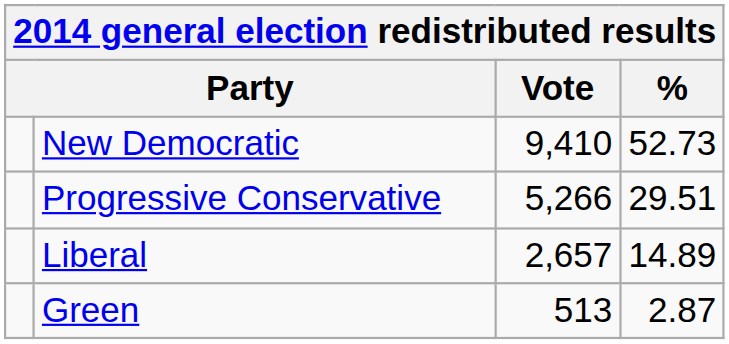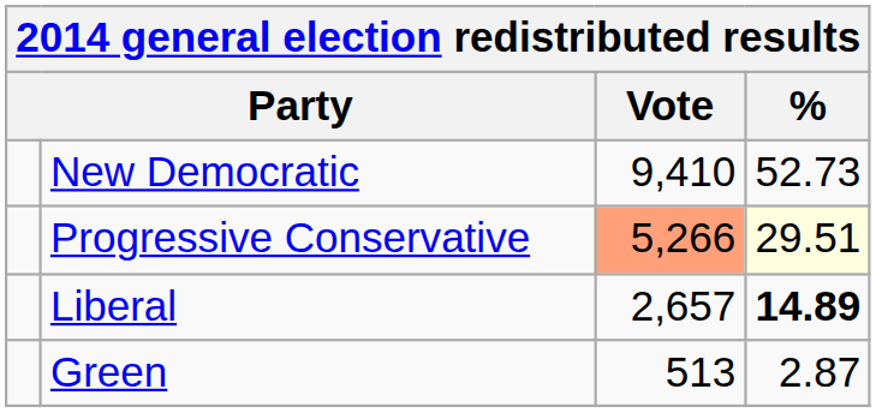 <table class="wikitable">
 <tr>
 <th colspan="4"><a href='#'>2014 general election</a> redistributed results</th>
 </tr>
 <tr>
 <th bgcolor="#DDDDFF" width="130px" colspan="2">Party</th>
 <th bgcolor="#DDDDFF" width="50px">Vote</th>
 <th bgcolor="#DDDDFF" width="30px">%</th>
 </tr>
 <tr>
 <td> </td>
 <td><a href='#'>New Democratic</a></td>
 <td align=right>9,410</td>
 <td align=right>52.73</td>
 </tr>
 <tr>
 <td> </td>
 <td><a href='#'>Progressive Conservative</a></td>
-<td align=right>5,266</td>
-<td align=right>29.51</td>
+<td align=right style="background: lightsalmon;">5,266</td>
+<td align=right style="background: lightyellow;">29.51</td>
 </tr>
 <tr>
 <td> </td>
 <td><a href='#'>Liberal</a></td>
 <td align=right>2,657</td>
-<td align=right>14.89</td>
+<td align=right><strong>14.89</strong></td>
 </tr>
 <tr>
 <td> </td>
 <td><a href='#'>Green</a></td>
 <td align=right>513</td>
 <td align=right>2.87</td>
 </tr>
 </table>
